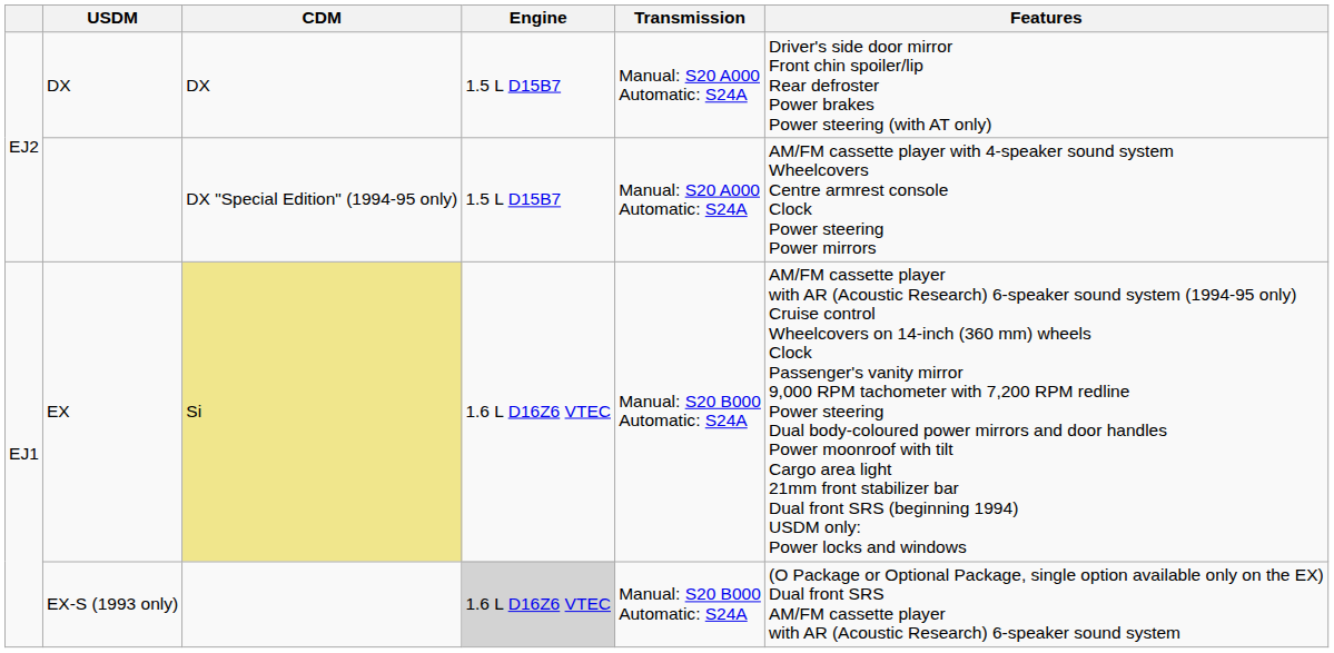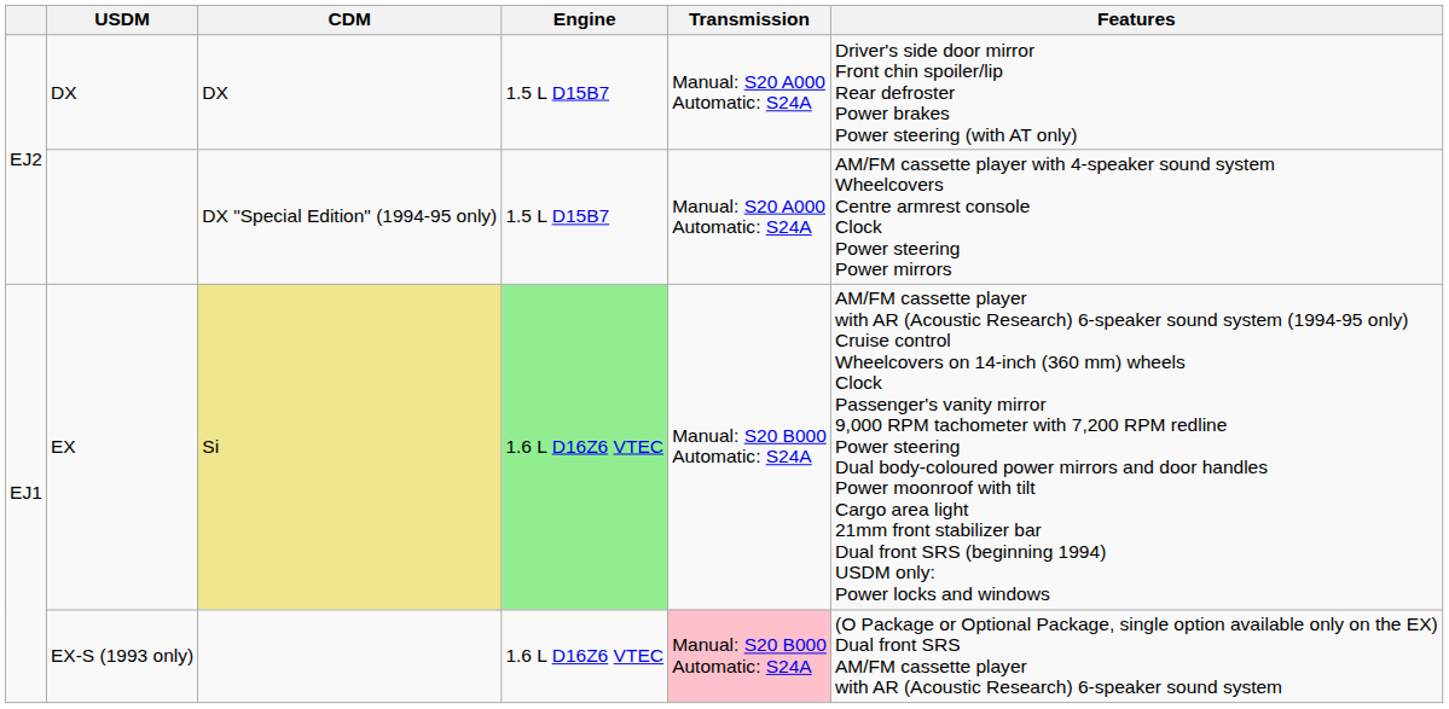 <table class="wikitable collapsible collapsed">
 <tr>
 <th></th>
 <th>USDM</th>
 <th>CDM</th>
 <th>Engine</th>
 <th>Transmission</th>
 <th>Features</th>
 </tr>
 <tr>
 <td rowspan="2">EJ2</td>
 <td>DX</td>
 <td>DX</td>
 <td> 1.5 L <a href='#'>D15B7</a></td>
 <td>Manual: <a href='#'>S20 A000</a><br>Automatic: <a href='#'>S24A</a></td>
 <td>Driver's side door mirror<br>Front chin spoiler/lip<br>Rear defroster<br>Power brakes<br>Power steering (with AT only)</td>
 </tr>
 <tr>
 <td></td>
 <td>DX "Special Edition" (1994-95 only)</td>
 <td> 1.5 L <a href='#'>D15B7</a></td>
 <td>Manual: <a href='#'>S20 A000</a><br>Automatic: <a href='#'>S24A</a></td>
 <td>AM/FM cassette player with 4-speaker sound system<br>Wheelcovers<br>Centre armrest console<br>Clock<br>Power steering<br>Power mirrors</td>
 </tr>
 <tr>
 <td rowspan="2">EJ1</td>
 <td>EX</td>
 <td style="background: khaki;">Si</td>
-<td> 1.6 L <a href='#'>D16Z6</a> <a href='#'>VTEC</a></td>
+<td style="background: lightgreen;"> 1.6 L <a href='#'>D16Z6</a> <a href='#'>VTEC</a></td>
 <td>Manual: <a href='#'>S20 B000</a><br>Automatic: <a href='#'>S24A</a></td>
 <td>AM/FM cassette player<br>with AR (Acoustic Research) 6-speaker sound system (1994-95 only)<br>Cruise control<br>Wheelcovers on 14-inch (360 mm) wheels<br>Clock<br>Passenger's vanity mirror<br>9,000 RPM tachometer with 7,200 RPM redline<br>Power steering<br>Dual body-coloured power mirrors and door handles<br>Power moonroof with tilt<br>Cargo area light<br>21mm front stabilizer bar<br>Dual front SRS (beginning 1994)<br>USDM only:<br>Power locks and windows</td>
 </tr>
 <tr>
 <td>EX-S (1993 only)</td>
 <td></td>
-<td style="background: lightgrey;"> 1.6 L <a href='#'>D16Z6</a> <a href='#'>VTEC</a></td>
-<td>Manual: <a href='#'>S20 B000</a><br>Automatic: <a href='#'>S24A</a></td>
+<td> 1.6 L <a href='#'>D16Z6</a> <a href='#'>VTEC</a></td>
+<td style="background: pink;">Manual: <a href='#'>S20 B000</a><br>Automatic: <a href='#'>S24A</a></td>
 <td>(O Package or Optional Package, single option available only on the EX)<br>Dual front SRS<br>AM/FM cassette player<br>with AR (Acoustic Research) 6-speaker sound system</td>
 </tr>
 </table>
